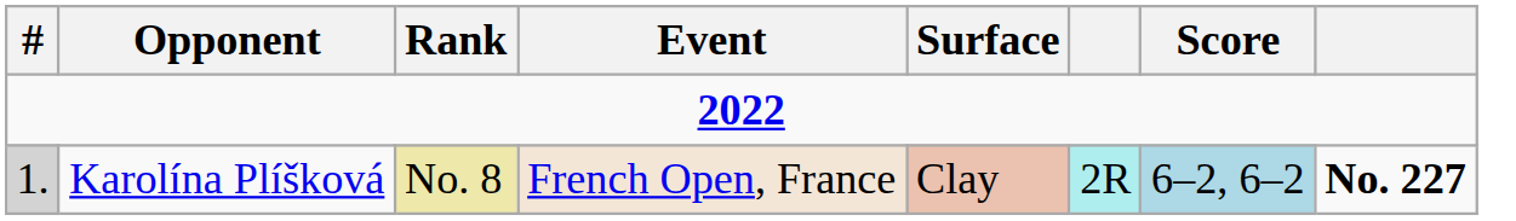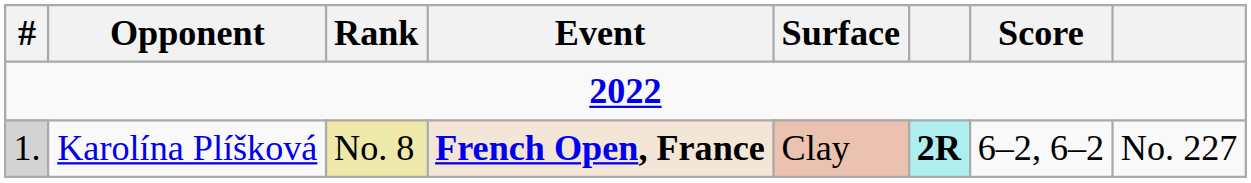 <table class="wikitable sortable">
 <tr>
 <th>#</th>
 <th>Opponent</th>
 <th>Rank</th>
 <th>Event</th>
 <th>Surface</th>
 <th></th>
 <th class=unsortable>Score</th>
 <th></th>
 </tr>
 <tr>
 <td colspan="8" align="center"><strong><a href='#'>2022</a></strong></td>
 </tr>
 <tr>
 <td style="background: lightgrey;">1.</td>
 <td> <a href='#'>Karolína Plíšková</a></td>
 <td bgcolor=eee8aa>No. 8</td>
-<td bgcolor=f3e6d7><a href='#'>French Open</a>, France</td>
+<td bgcolor=f3e6d7><strong><a href='#'>French Open</a>, France</strong></td>
 <td bgcolor=ebc2af>Clay</td>
-<td bgcolor=afeeee>2R</td>
-<td style="background: lightblue;">6–2, 6–2</td>
-<td><strong>No. 227</strong></td>
+<td bgcolor=afeeee><strong>2R</strong></td>
+<td>6–2, 6–2</td>
+<td>No. 227</td>
 </tr>
 </table>
